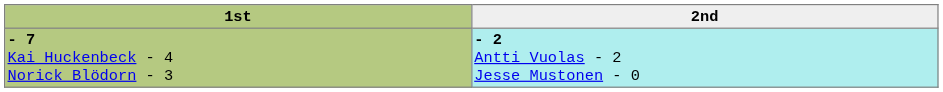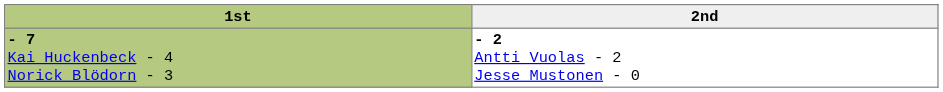 <table border="1" cellpadding="2" cellspacing="0"  style="width:50%; border-collapse:collapse;">
 <tr style="text-align:left; background:#efefef;">
 <th width=15% align=center style="background-color: #b5c981;">1st</th>
 <th width=15% align=center>2nd</th>
 </tr>
 <tr align=left>
 <td valign=top align=left style="background-color: #b5c981;"><strong> - 7</strong><br><a href='#'>Kai Huckenbeck</a> - 4<br><a href='#'>Norick Blödorn</a> - 3</td>
-<td valign=top align=left style="background: paleturquoise;"><strong> - 2</strong><br><a href='#'>Antti Vuolas</a> - 2<br><a href='#'>Jesse Mustonen</a> - 0</td>
+<td valign=top align=left><strong> - 2</strong><br><a href='#'>Antti Vuolas</a> - 2<br><a href='#'>Jesse Mustonen</a> - 0</td>
 </tr>
 </table>
